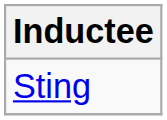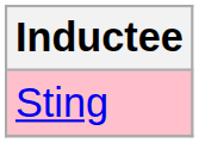 <table class="wikitable">
 <tr>
 <th>Inductee</th>
 </tr>
 <tr>
-<td><a href='#'>Sting</a></td>
+<td style="background: pink;"><a href='#'>Sting</a></td>
 </tr>
 <tr>
 </tr>
 </table>
